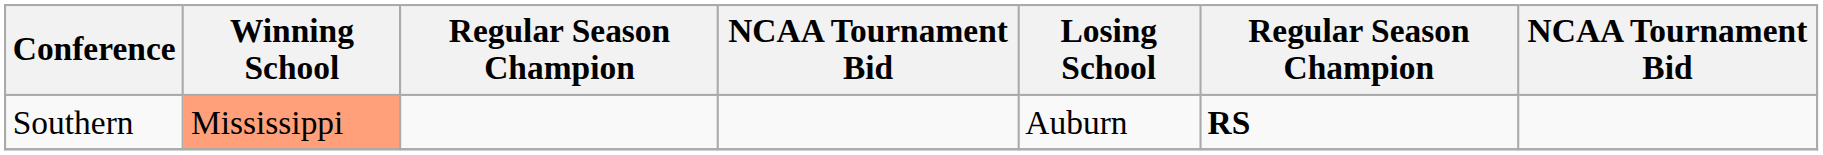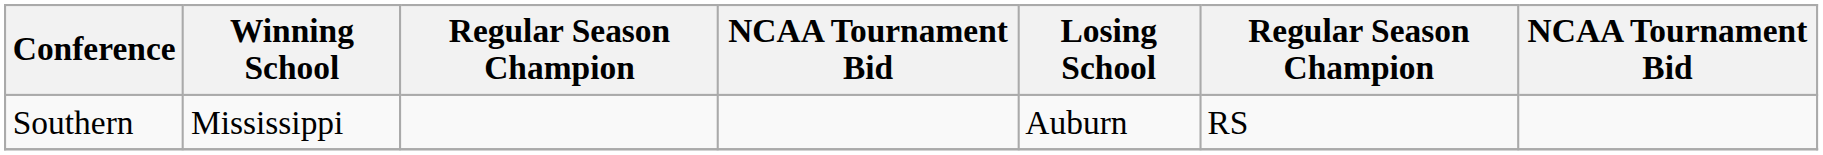 <table class="wikitable">
 <tr>
 <th>Conference</th>
 <th>Winning School</th>
 <th>Regular Season Champion</th>
 <th>NCAA Tournament Bid</th>
 <th>Losing School</th>
 <th>Regular Season Champion</th>
 <th>NCAA Tournament Bid</th>
 </tr>
 <tr>
 <td>Southern</td>
-<td style="background: lightsalmon;">Mississippi</td>
+<td>Mississippi</td>
 <td></td>
 <td></td>
 <td>Auburn</td>
-<td><strong>RS</strong></td>
+<td>RS</td>
 <td></td>
 </tr>
 <tr>
 </tr>
 </table>
